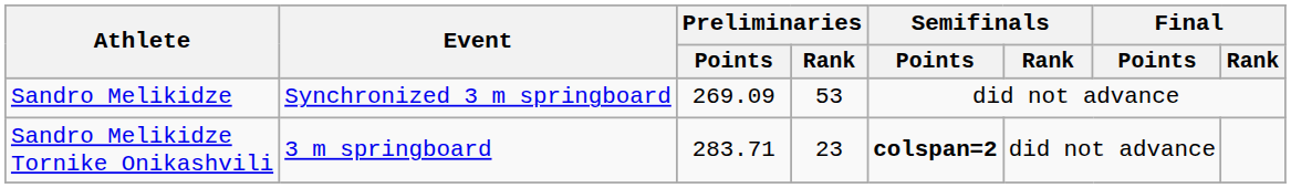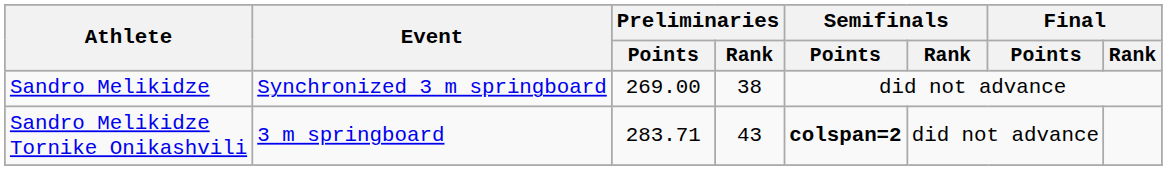 <table class=wikitable style="font-size:90%;">
 <tr>
 <th rowspan="2">Athlete</th>
 <th rowspan="2">Event</th>
 <th colspan="2">Preliminaries</th>
 <th colspan="2">Semifinals</th>
 <th colspan="2">Final</th>
 </tr>
 <tr style="font-size:95%">
 <th>Points</th>
 <th>Rank</th>
 <th>Points</th>
 <th>Rank</th>
 <th>Points</th>
 <th>Rank</th>
 </tr>
 <tr align=center>
 <td align=left><a href='#'>Sandro Melikidze</a></td>
 <td align=left><a href='#'>Synchronized 3 m springboard</a></td>
-<td>269.09</td>
-<td>53</td>
+<td>269.00</td>
+<td>38</td>
 <td colspan=4>did not advance</td>
 </tr>
 <tr align=center>
 <td align=left><a href='#'>Sandro Melikidze</a><br><a href='#'>Tornike Onikashvili</a></td>
 <td align=left><a href='#'>3 m springboard</a></td>
 <td>283.71</td>
-<td>23</td>
+<td>43</td>
 <td><strong>colspan=2 </strong></td>
 <td colspan=2>did not advance</td>
 </tr>
 </table>
